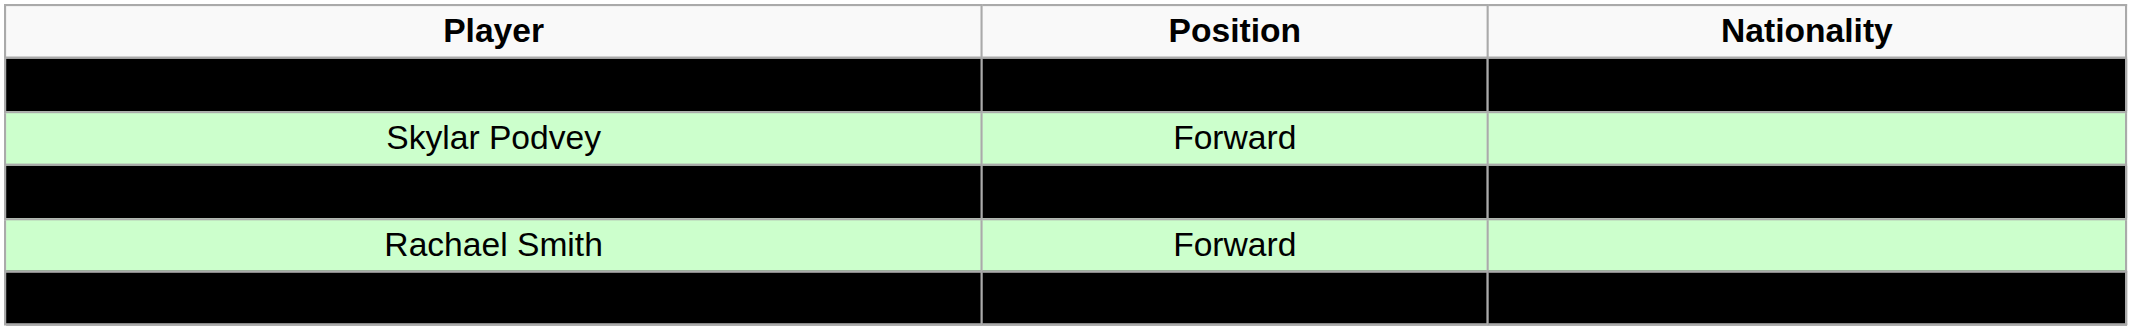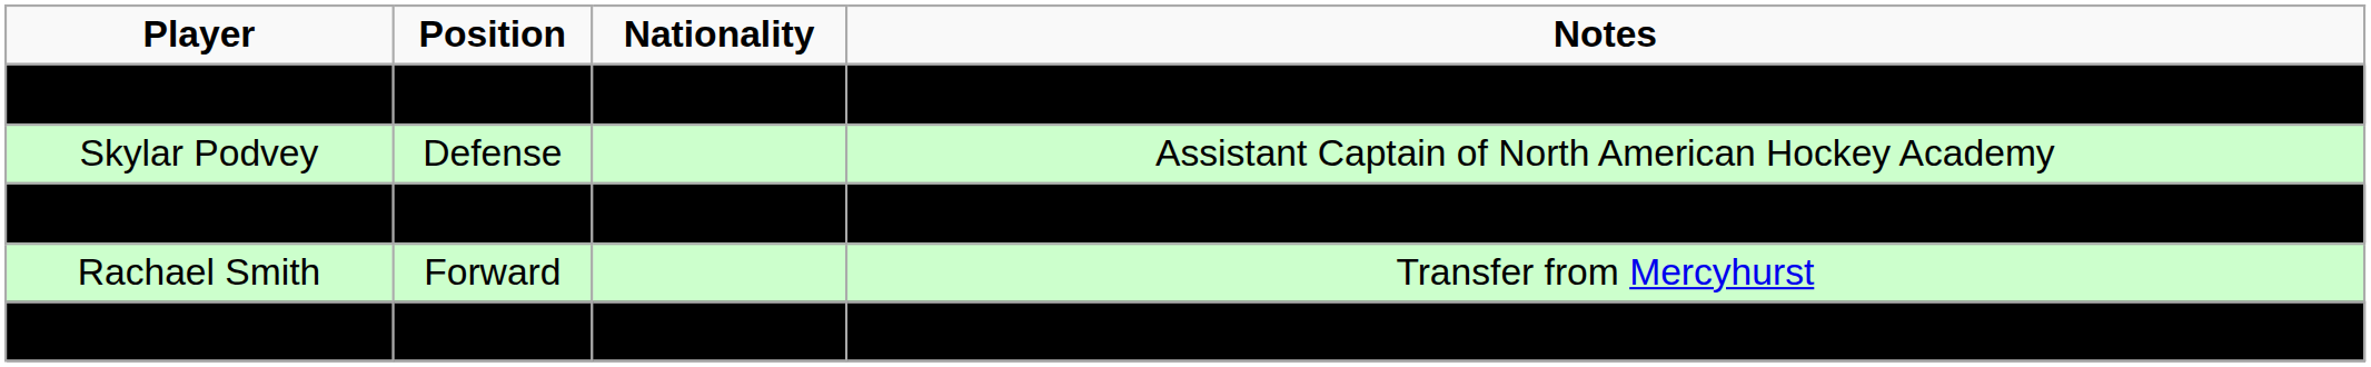 <table class="wikitable" width="80%">
 <tr align="center">
 <td><strong>Player</strong></td>
 <td><strong>Position</strong></td>
 <td><strong>Nationality</strong></td>
+<td><strong>Notes</strong></td>
 </tr>
 <tr align="center" bgcolor=" ">
 <td>Charlea Pedersen</td>
 <td>Forward</td>
 <td></td>
+<td>Assistant Captain of the Durham West Jr. Lightning</td>
 </tr>
 <tr align="center" bgcolor="#ccffcc">
 <td>Skylar Podvey</td>
-<td>Forward</td>
+<td>Defense</td>
 <td></td>
+<td>Assistant Captain of North American Hockey Academy</td>
 </tr>
 <tr align="center" bgcolor=" ">
 <td>Jessica Poirer</td>
-<td>Forward</td>
+<td>Defense</td>
 <td></td>
+<td>Attended Ontario Hockey Academy</td>
 </tr>
 <tr align="center" bgcolor="#ccffcc">
 <td>Rachael Smith</td>
 <td>Forward</td>
 <td></td>
+<td>Transfer from <a href='#'>Mercyhurst</a></td>
 </tr>
 <tr align="center" bgcolor=" ">
 <td>Natalie Wozney</td>
 <td>Forward</td>
 <td></td>
+<td>Assistant Captain of the Durham West Jr. Lightning with Charlea Pedersen</td>
 </tr>
 </table>
